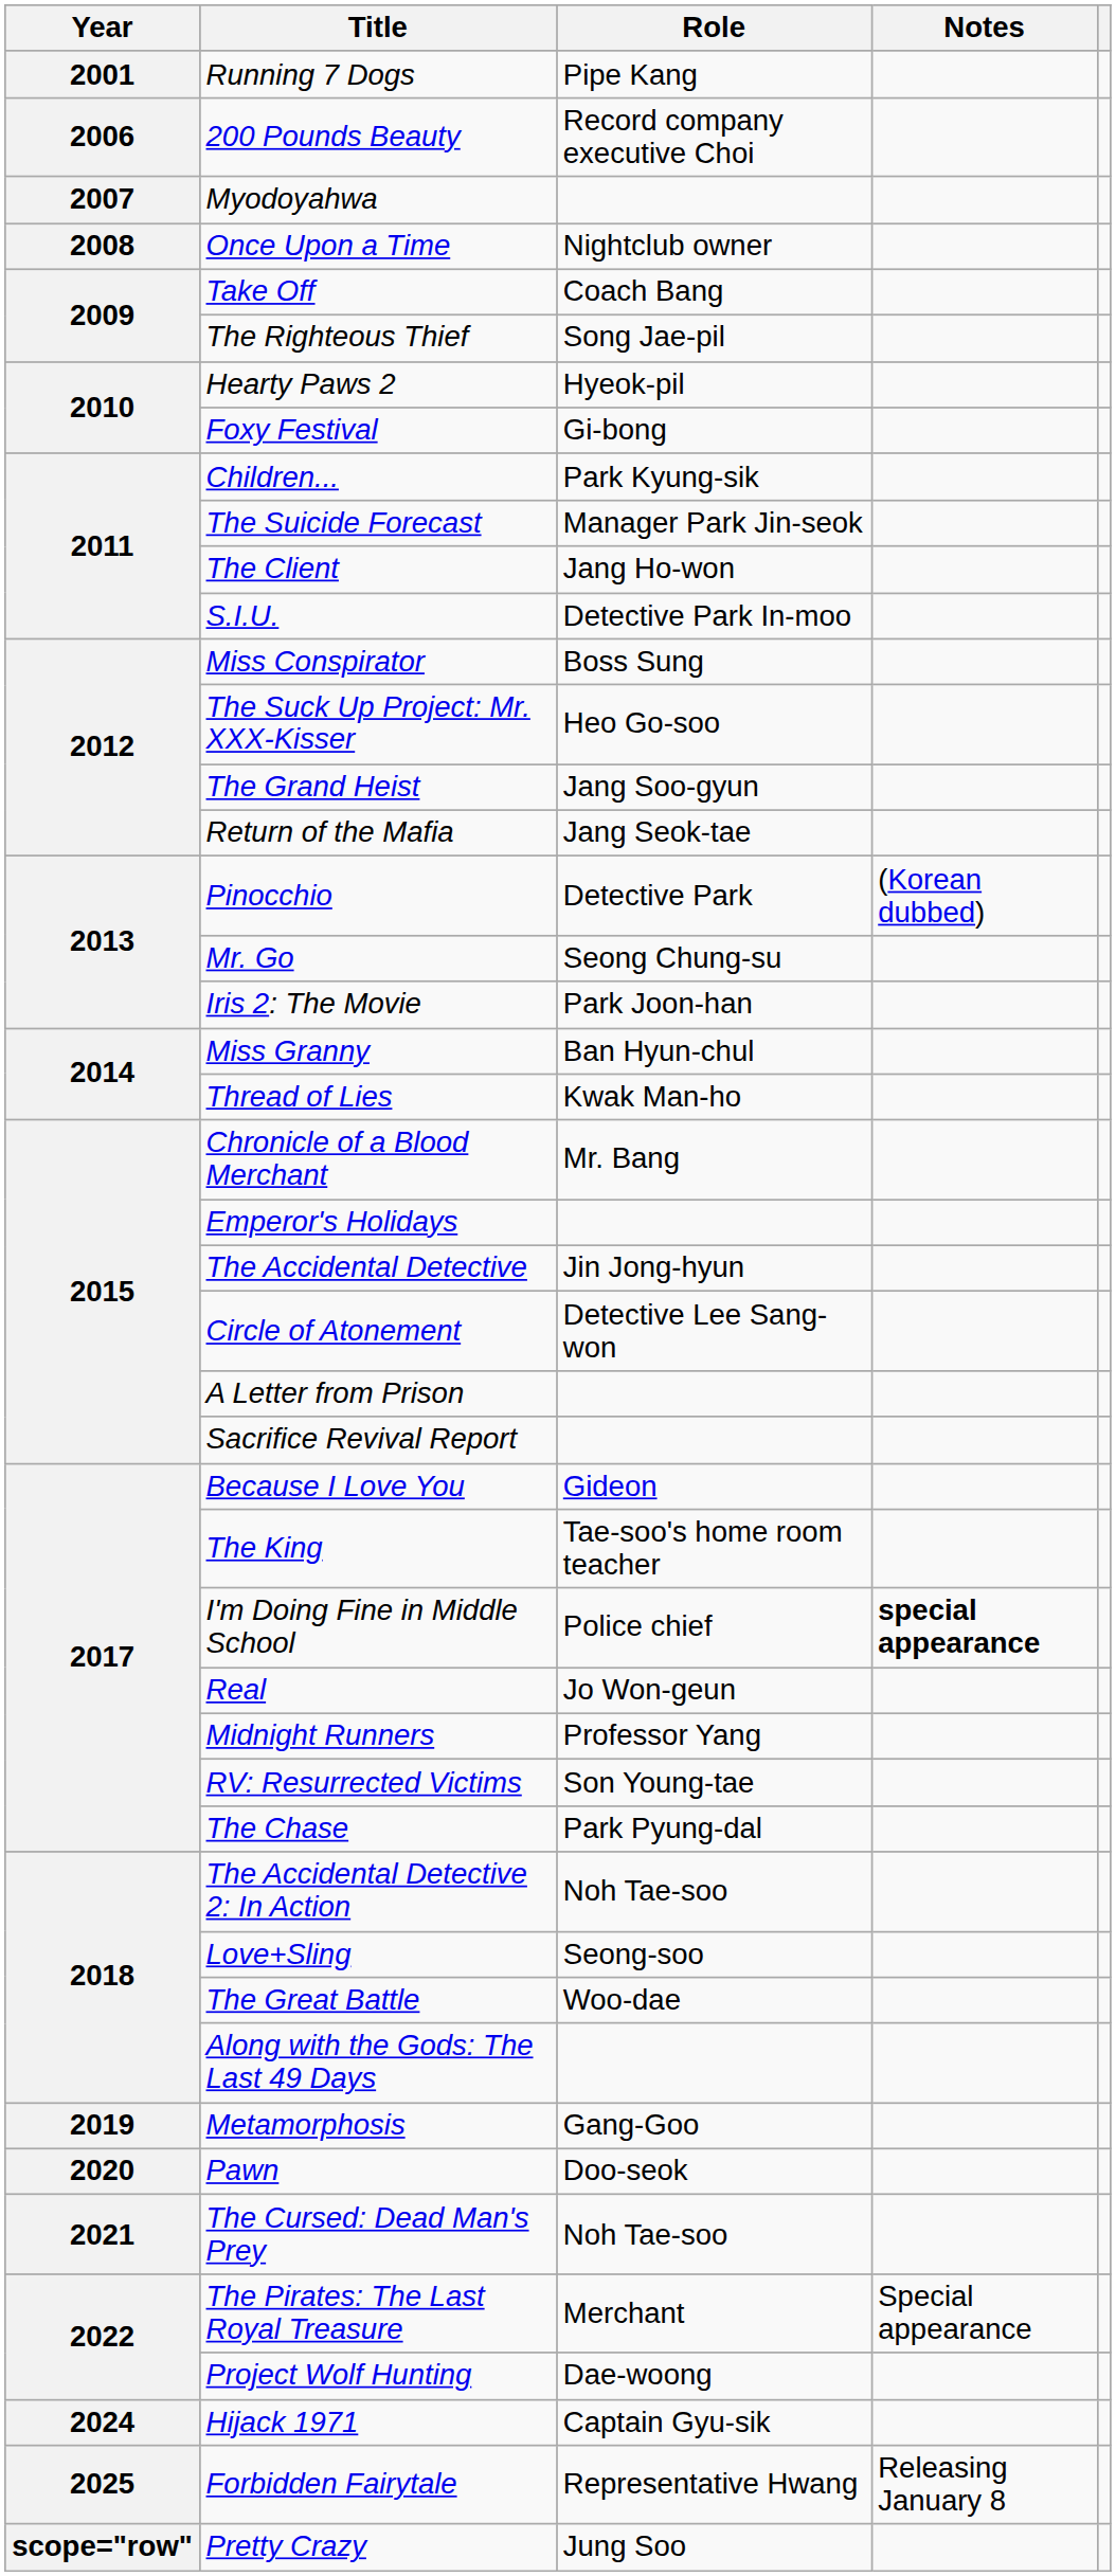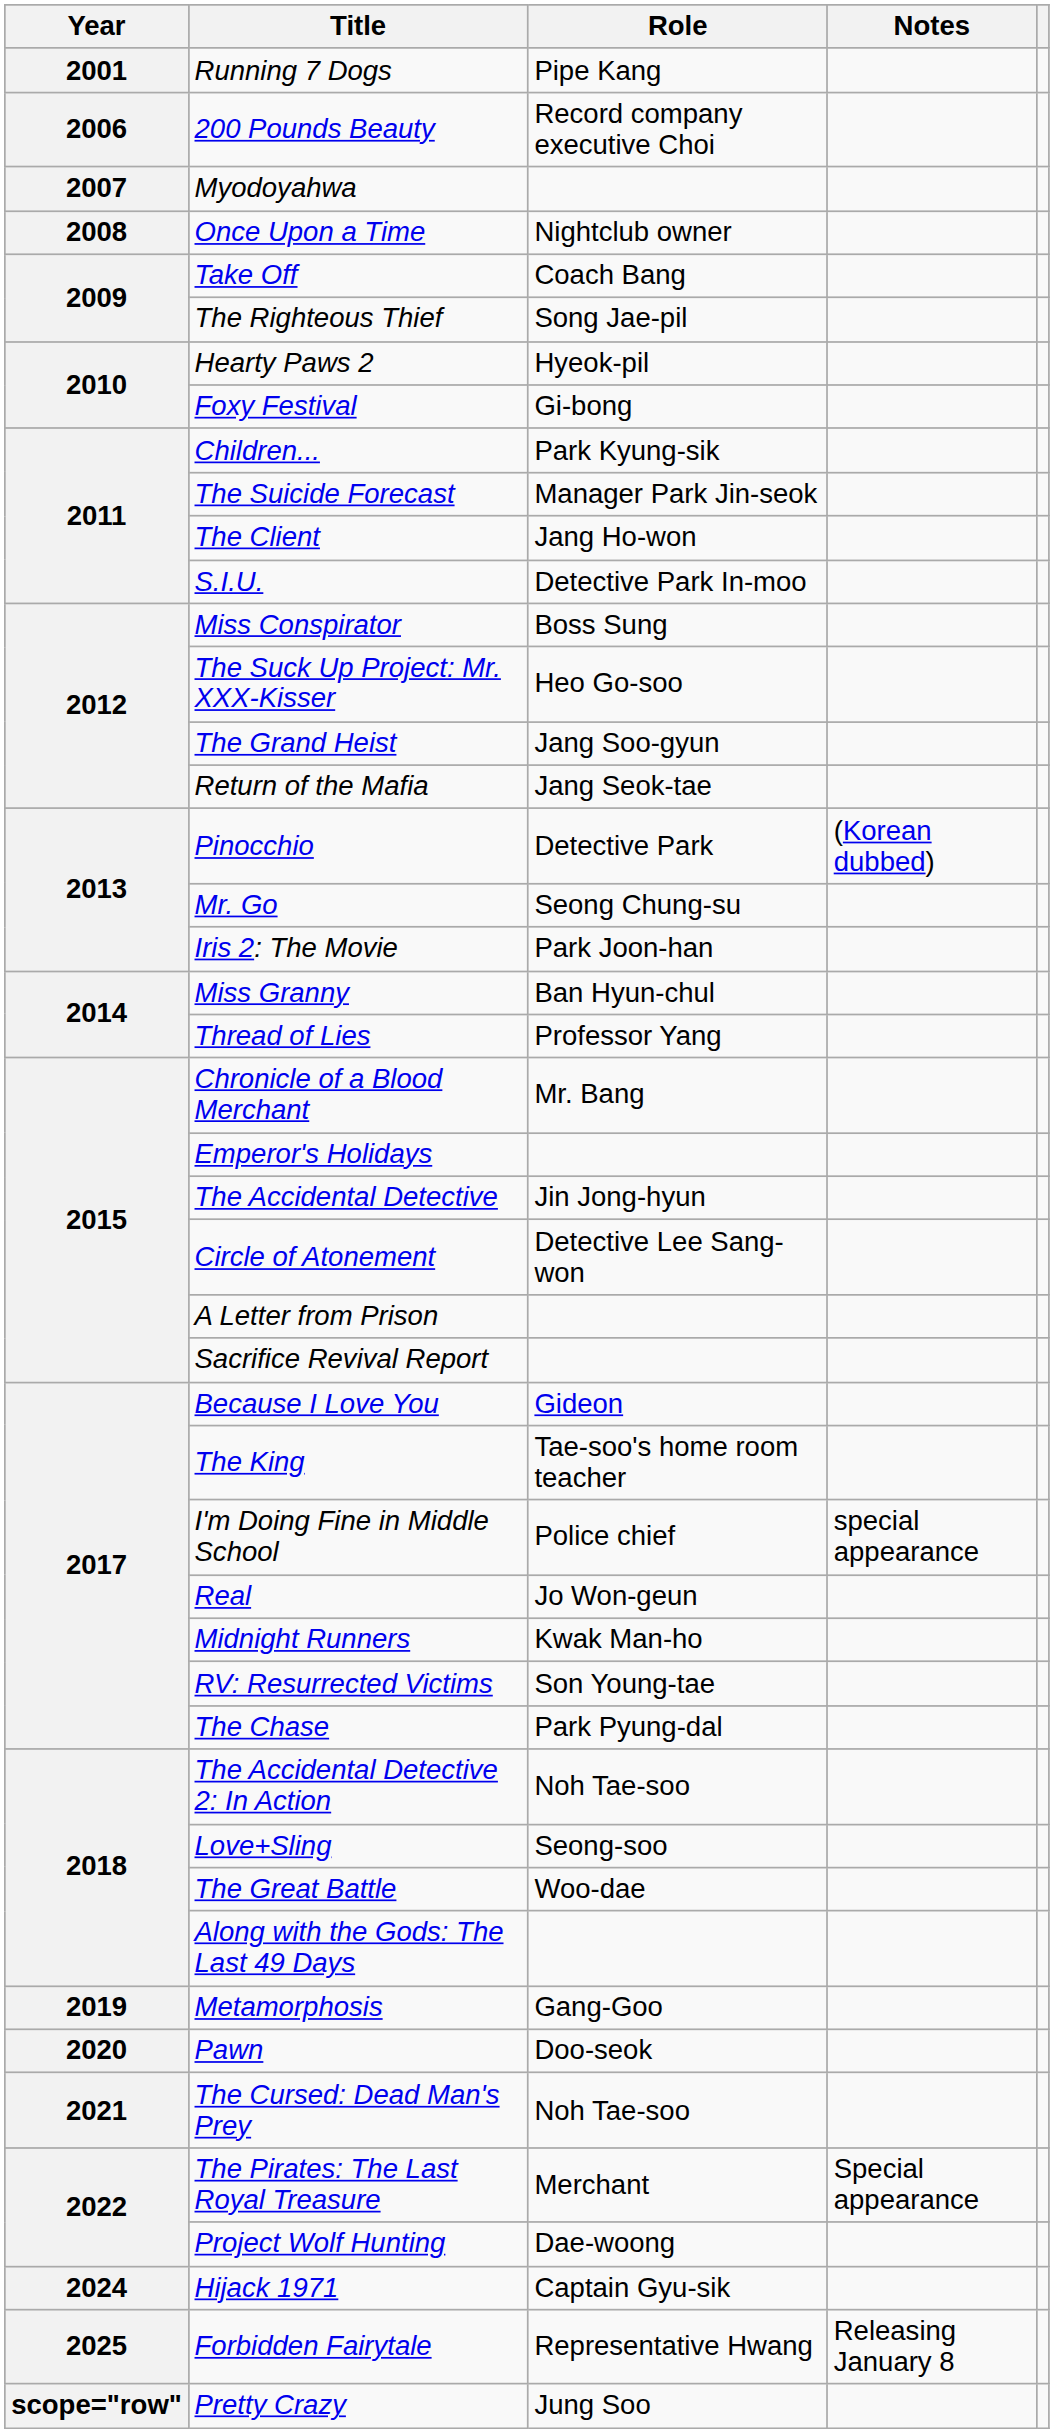 <table class="wikitable plainrowheaders sortable">
 <tr>
 <th scope="col">Year</th>
 <th scope="col">Title</th>
 <th scope="col">Role</th>
 <th scope="col">Notes</th>
 <th scope="col" class="unsortable"></th>
 </tr>
 <tr>
 <th scope="row">2001</th>
 <td><em>Running 7 Dogs</em></td>
 <td>Pipe Kang</td>
 <td></td>
 <td style="text-align:center"></td>
 </tr>
 <tr>
 <th scope="row">2006</th>
 <td><em><a href='#'>200 Pounds Beauty</a></em></td>
 <td>Record company executive Choi</td>
 <td></td>
 <td style="text-align:center"></td>
 </tr>
 <tr>
 <th scope="row">2007</th>
 <td><em>Myodoyahwa</em></td>
 <td></td>
 <td></td>
 <td style="text-align:center"></td>
 </tr>
 <tr>
 <th scope="row">2008</th>
 <td><em><a href='#'>Once Upon a Time</a></em></td>
 <td>Nightclub owner</td>
 <td></td>
 <td style="text-align:center"></td>
 </tr>
 <tr>
 <th scope="row" rowspan="2">2009</th>
 <td><em><a href='#'>Take Off</a></em></td>
 <td>Coach Bang</td>
 <td></td>
 <td style="text-align:center"></td>
 </tr>
 <tr>
 <td><em>The Righteous Thief</em> </td>
 <td>Song Jae-pil</td>
 <td></td>
 <td style="text-align:center"></td>
 </tr>
 <tr>
 <th scope="row" rowspan="2">2010</th>
 <td><em>Hearty Paws 2</em></td>
 <td>Hyeok-pil</td>
 <td></td>
 <td style="text-align:center"></td>
 </tr>
 <tr>
 <td><em><a href='#'>Foxy Festival</a></em></td>
 <td>Gi-bong</td>
 <td></td>
 <td style="text-align:center"></td>
 </tr>
 <tr>
 <th scope="row" rowspan="4">2011</th>
 <td><em><a href='#'>Children...</a></em></td>
 <td>Park Kyung-sik</td>
 <td></td>
 <td style="text-align:center"></td>
 </tr>
 <tr>
 <td><em><a href='#'>The Suicide Forecast</a></em></td>
 <td>Manager Park Jin-seok</td>
 <td></td>
 <td style="text-align:center"></td>
 </tr>
 <tr>
 <td><em><a href='#'>The Client</a></em></td>
 <td>Jang Ho-won</td>
 <td></td>
 <td style="text-align:center"></td>
 </tr>
 <tr>
 <td><em><a href='#'>S.I.U.</a></em></td>
 <td>Detective Park In-moo</td>
 <td></td>
 <td style="text-align:center"></td>
 </tr>
 <tr>
 <th scope="row" rowspan="4">2012</th>
 <td><em><a href='#'>Miss Conspirator</a></em></td>
 <td>Boss Sung</td>
 <td></td>
 <td style="text-align:center"></td>
 </tr>
 <tr>
 <td><em><a href='#'>The Suck Up Project: Mr. XXX-Kisser</a></em></td>
 <td>Heo Go-soo</td>
 <td></td>
 <td style="text-align:center"></td>
 </tr>
 <tr>
 <td><em><a href='#'>The Grand Heist</a></em></td>
 <td>Jang Soo-gyun</td>
 <td></td>
 <td style="text-align:center"></td>
 </tr>
 <tr>
 <td><em>Return of the Mafia</em></td>
 <td>Jang Seok-tae</td>
 <td></td>
 <td style="text-align:center"></td>
 </tr>
 <tr>
 <th scope="row" rowspan="3">2013</th>
 <td><em><a href='#'>Pinocchio</a></em></td>
 <td>Detective Park</td>
 <td>(<a href='#'>Korean</a> <a href='#'>dubbed</a>)</td>
 <td style="text-align:center"></td>
 </tr>
 <tr>
 <td><em><a href='#'>Mr. Go</a></em></td>
 <td>Seong Chung-su</td>
 <td></td>
 <td style="text-align:center"></td>
 </tr>
 <tr>
 <td><em><a href='#'>Iris 2</a>: The Movie</em></td>
 <td>Park Joon-han</td>
 <td></td>
 <td style="text-align:center"></td>
 </tr>
 <tr>
 <th scope="row" rowspan="2">2014</th>
 <td><em><a href='#'>Miss Granny</a></em></td>
 <td>Ban Hyun-chul</td>
 <td></td>
 <td style="text-align:center"></td>
 </tr>
 <tr>
 <td><em><a href='#'>Thread of Lies</a></em></td>
-<td>Kwak Man-ho</td>
+<td>Professor Yang</td>
 <td></td>
 <td style="text-align:center"></td>
 </tr>
 <tr>
 <th scope="row" rowspan="6">2015</th>
 <td><em><a href='#'>Chronicle of a Blood Merchant</a></em></td>
 <td>Mr. Bang</td>
 <td></td>
 <td style="text-align:center"></td>
 </tr>
 <tr>
 <td><em><a href='#'>Emperor's Holidays</a></em></td>
 <td></td>
 <td></td>
 <td style="text-align:center"></td>
 </tr>
 <tr>
 <td><em><a href='#'>The Accidental Detective</a></em></td>
 <td>Jin Jong-hyun</td>
 <td></td>
 <td style="text-align:center"></td>
 </tr>
 <tr>
 <td><em><a href='#'>Circle of Atonement</a></em> </td>
 <td>Detective Lee Sang-won</td>
 <td></td>
 <td style="text-align:center"></td>
 </tr>
 <tr>
 <td><em>A Letter from Prison</em></td>
 <td></td>
 <td></td>
 <td style="text-align:center"></td>
 </tr>
 <tr>
 <td><em>Sacrifice Revival Report</em></td>
 <td></td>
 <td></td>
 <td style="text-align:center"></td>
 </tr>
 <tr>
 <th scope="row" rowspan="7">2017</th>
 <td><em><a href='#'>Because I Love You</a></em></td>
 <td><a href='#'>Gideon</a></td>
 <td></td>
 <td style="text-align:center"></td>
 </tr>
 <tr>
 <td><em><a href='#'>The King</a></em></td>
 <td>Tae-soo's home room teacher</td>
 <td></td>
 <td style="text-align:center"></td>
 </tr>
 <tr>
 <td><em>I'm Doing Fine in Middle School</em></td>
 <td>Police chief</td>
-<td><strong>special appearance</strong></td>
+<td>special appearance</td>
 <td style="text-align:center"></td>
 </tr>
 <tr>
 <td><em><a href='#'>Real</a></em></td>
 <td>Jo Won-geun</td>
 <td></td>
 <td style="text-align:center"></td>
 </tr>
 <tr>
 <td><em><a href='#'>Midnight Runners</a></em></td>
-<td>Professor Yang</td>
+<td>Kwak Man-ho</td>
 <td></td>
 <td style="text-align:center"></td>
 </tr>
 <tr>
 <td><em><a href='#'>RV: Resurrected Victims</a></em></td>
 <td>Son Young-tae</td>
 <td></td>
 <td style="text-align:center"></td>
 </tr>
 <tr>
 <td><em><a href='#'>The Chase</a></em></td>
 <td>Park Pyung-dal</td>
 <td></td>
 <td style="text-align:center"></td>
 </tr>
 <tr>
 <th scope="row" rowspan="4">2018</th>
 <td><em><a href='#'>The Accidental Detective 2: In Action</a></em></td>
 <td>Noh Tae-soo</td>
 <td></td>
 <td style="text-align:center"></td>
 </tr>
 <tr>
 <td><em><a href='#'>Love+Sling</a></em></td>
 <td>Seong-soo</td>
 <td></td>
 <td style="text-align:center"></td>
 </tr>
 <tr>
 <td><em><a href='#'>The Great Battle</a></em></td>
 <td>Woo-dae</td>
 <td></td>
 <td style="text-align:center"></td>
 </tr>
 <tr>
 <td><em><a href='#'>Along with the Gods: The Last 49 Days</a></em></td>
 <td></td>
 <td></td>
 <td style="text-align:center"></td>
 </tr>
 <tr>
 <th scope="row">2019</th>
 <td><em><a href='#'>Metamorphosis</a></em></td>
 <td>Gang-Goo</td>
 <td></td>
 <td style="text-align:center"></td>
 </tr>
 <tr>
 <th scope="row">2020</th>
 <td><em><a href='#'>Pawn</a></em></td>
 <td>Doo-seok</td>
 <td></td>
 <td style="text-align:center"></td>
 </tr>
 <tr>
 <th scope="row">2021</th>
 <td><em><a href='#'>The Cursed: Dead Man's Prey</a></em></td>
 <td>Noh Tae-soo</td>
 <td></td>
 <td style="text-align:center"></td>
 </tr>
 <tr>
 <th scope="row" rowspan="2">2022</th>
 <td><em><a href='#'>The Pirates: The Last Royal Treasure</a></em></td>
 <td>Merchant</td>
 <td>Special appearance</td>
 <td style="text-align:center"></td>
 </tr>
 <tr>
 <td><em><a href='#'>Project Wolf Hunting</a></em></td>
 <td>Dae-woong</td>
 <td></td>
 <td style="text-align:center"></td>
 </tr>
 <tr>
 <th scope="row">2024</th>
 <td><em><a href='#'>Hijack 1971</a></em></td>
 <td>Captain Gyu-sik</td>
 <td></td>
 <td style="text-align:center"></td>
 </tr>
 <tr>
 <th scope="row">2025</th>
 <td><em><a href='#'>Forbidden Fairytale</a></em></td>
 <td>Representative Hwang</td>
 <td>Releasing January 8</td>
 <td style="text-align:center"></td>
 </tr>
 <tr>
 <th>scope="row" </th>
 <td><em><a href='#'>Pretty Crazy</a></em></td>
 <td>Jung Soo</td>
 <td></td>
 <td style="text-align:center"></td>
 </tr>
 </table>
